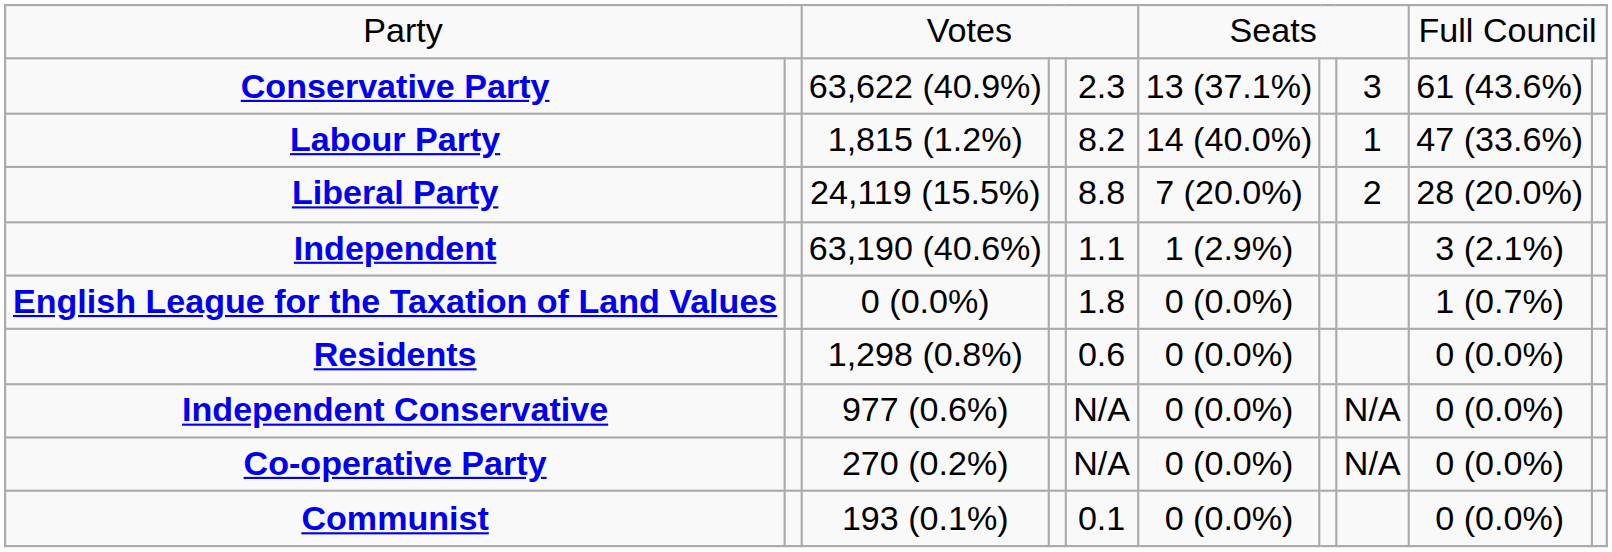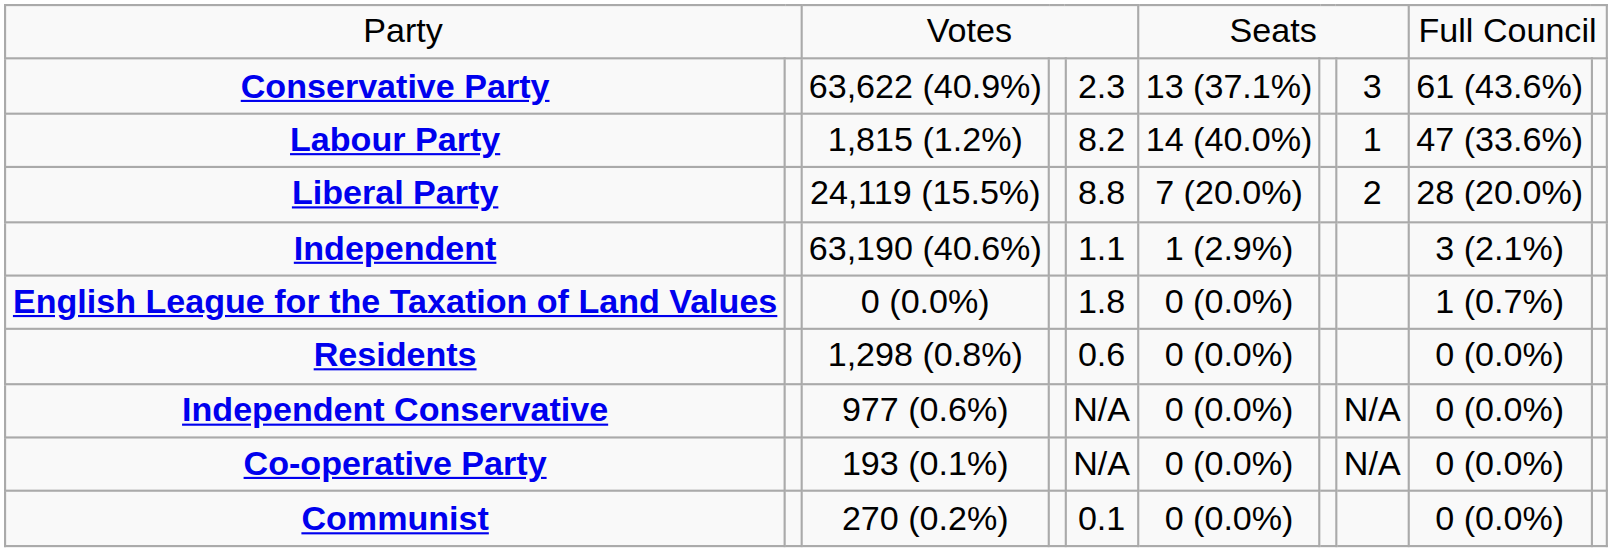 <table class=wikitable style="text-align:center;">
 <tr>
 <td colspan=2>Party</td>
 <td colspan=3>Votes</td>
 <td colspan=3>Seats</td>
 <td colspan=3>Full Council</td>
 </tr>
 <tr>
 <td><strong><a href='#'>Conservative Party</a></strong></td>
 <td style="background:"></td>
 <td>63,622 (40.9%)</td>
 <td></td>
 <td> 2.3</td>
 <td>13 (37.1%)</td>
 <td></td>
 <td> 3</td>
 <td>61 (43.6%)</td>
 <td></td>
 </tr>
 <tr>
 <td><strong><a href='#'>Labour Party</a></strong></td>
 <td style="background:"></td>
 <td>1,815 (1.2%)</td>
 <td></td>
 <td> 8.2</td>
 <td>14 (40.0%)</td>
 <td></td>
 <td> 1</td>
 <td>47 (33.6%)</td>
 <td></td>
 </tr>
 <tr>
 <td><strong><a href='#'>Liberal Party</a></strong></td>
 <td style="background:"></td>
 <td>24,119 (15.5%)</td>
 <td></td>
 <td> 8.8</td>
 <td>7 (20.0%)</td>
 <td></td>
 <td> 2</td>
 <td>28 (20.0%)</td>
 <td></td>
 </tr>
 <tr>
 <td><strong><a href='#'>Independent</a></strong></td>
 <td style="background:"></td>
 <td>63,190 (40.6%)</td>
 <td></td>
 <td> 1.1</td>
 <td>1 (2.9%)</td>
 <td></td>
 <td></td>
 <td>3 (2.1%)</td>
 <td></td>
 </tr>
 <tr>
 <td><strong><a href='#'>English League for the Taxation of Land Values</a></strong></td>
 <td style="background:"></td>
 <td>0 (0.0%)</td>
 <td></td>
 <td> 1.8</td>
 <td>0 (0.0%)</td>
 <td></td>
 <td></td>
 <td>1 (0.7%)</td>
 <td></td>
 </tr>
 <tr>
 <td><strong><a href='#'>Residents</a></strong></td>
 <td style="background:"></td>
 <td>1,298 (0.8%)</td>
 <td></td>
 <td> 0.6</td>
 <td>0 (0.0%)</td>
 <td></td>
 <td></td>
 <td>0 (0.0%)</td>
 <td></td>
 </tr>
 <tr>
 <td><strong><a href='#'>Independent Conservative</a></strong></td>
 <td style="background:"></td>
 <td>977 (0.6%)</td>
 <td></td>
 <td>N/A</td>
 <td>0 (0.0%)</td>
 <td></td>
 <td>N/A</td>
 <td>0 (0.0%)</td>
 <td></td>
 </tr>
 <tr>
 <td><strong><a href='#'>Co-operative Party</a></strong></td>
 <td style="background:"></td>
-<td>270 (0.2%)</td>
+<td>193 (0.1%)</td>
 <td></td>
 <td>N/A</td>
 <td>0 (0.0%)</td>
 <td></td>
 <td>N/A</td>
 <td>0 (0.0%)</td>
 <td></td>
 </tr>
 <tr>
 <td><strong><a href='#'>Communist</a></strong></td>
 <td style="background:"></td>
-<td>193 (0.1%)</td>
+<td>270 (0.2%)</td>
 <td></td>
 <td> 0.1</td>
 <td>0 (0.0%)</td>
 <td></td>
 <td></td>
 <td>0 (0.0%)</td>
 <td></td>
 </tr>
 </table>
